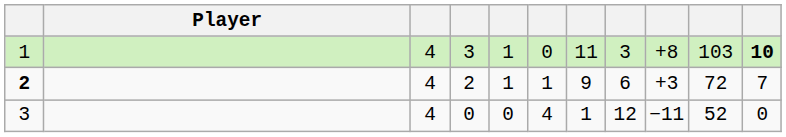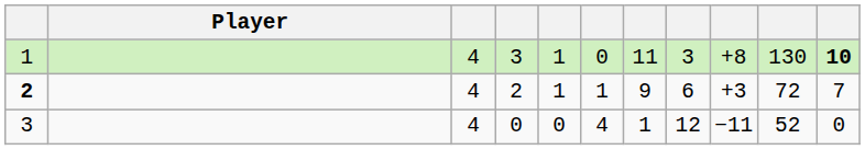 <table class="wikitable" style="text-align:center; margin: 1em auto 1em auto, align:left">
 <tr>
 <th width=20></th>
 <th width=240>Player</th>
 <th width=20></th>
 <th width=20></th>
 <th width=20></th>
 <th width=20></th>
 <th width=20></th>
 <th width=20></th>
 <th width=20></th>
 <th width=30></th>
 <th width=20></th>
 </tr>
 <tr style="background:#D0F0C0;">
 <td>1</td>
 <td align=left></td>
 <td>4</td>
 <td>3</td>
 <td>1</td>
 <td>0</td>
 <td>11</td>
 <td>3</td>
 <td>+8</td>
-<td>103</td>
+<td>130</td>
 <td><strong>10</strong></td>
 </tr>
 <tr style=>
 <td><strong>2</strong></td>
 <td align=left></td>
 <td>4</td>
 <td>2</td>
 <td>1</td>
 <td>1</td>
 <td>9</td>
 <td>6</td>
 <td>+3</td>
 <td>72</td>
 <td>7</td>
 </tr>
 <tr style=>
 <td>3</td>
 <td align=left></td>
 <td>4</td>
 <td>0</td>
 <td>0</td>
 <td>4</td>
 <td>1</td>
 <td>12</td>
 <td>−11</td>
 <td>52</td>
 <td>0</td>
 </tr>
 </table>
